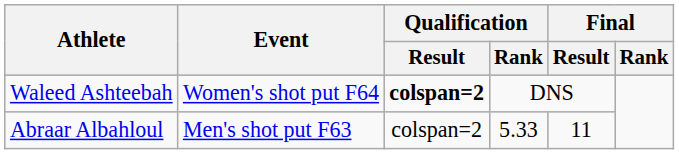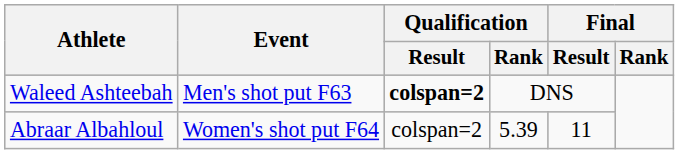 <table class="wikitable" style="font-size:90%">
 <tr>
 <th rowspan="2">Athlete</th>
 <th rowspan="2">Event</th>
 <th colspan="2">Qualification</th>
 <th colspan="2">Final</th>
 </tr>
 <tr style="font-size:95%">
 <th>Result</th>
 <th>Rank</th>
 <th>Result</th>
 <th>Rank</th>
 </tr>
 <tr align=center>
 <td align=left><a href='#'>Waleed Ashteebah</a></td>
-<td align=left><a href='#'>Women's shot put F64</a></td>
+<td align=left><a href='#'>Men's shot put F63</a></td>
 <td><strong>colspan=2 </strong></td>
 <td colspan=2>DNS</td>
 </tr>
 <tr align=center>
 <td align=left><a href='#'>Abraar Albahloul</a></td>
-<td align=left><a href='#'>Men's shot put F63</a></td>
+<td align=left><a href='#'>Women's shot put F64</a></td>
 <td>colspan=2 </td>
-<td>5.33</td>
+<td>5.39</td>
 <td>11</td>
 </tr>
 </table>
